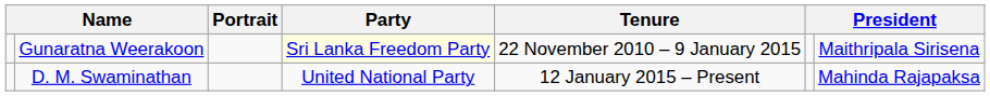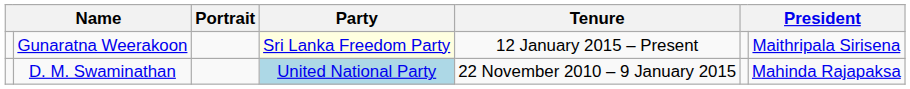 <table class="wikitable" style="margin:1em auto; font-size:90%; text-align:center;">
 <tr>
 <th colspan="2">Name</th>
 <th>Portrait</th>
 <th>Party</th>
 <th>Tenure</th>
 <th colspan="2"><a href='#'>President</a></th>
 </tr>
 <tr>
 <td !align="center" style="background:"></td>
 <td><a href='#'>Gunaratna Weerakoon</a></td>
 <td></td>
 <td style="background: lightyellow;"><a href='#'>Sri Lanka Freedom Party</a></td>
-<td>22 November 2010 – 9 January 2015</td>
+<td>12 January 2015  – Present</td>
 <td !align="center" style="background:"></td>
 <td><a href='#'>Maithripala Sirisena</a></td>
 </tr>
 <tr>
 <td !align="center" style="background:"></td>
 <td><a href='#'>D. M. Swaminathan</a></td>
 <td></td>
-<td><a href='#'>United National Party</a></td>
-<td>12 January 2015  – Present</td>
+<td style="background: lightblue;"><a href='#'>United National Party</a></td>
+<td>22 November 2010 – 9 January 2015</td>
 <td !align="center" style="background:"></td>
 <td><a href='#'>Mahinda Rajapaksa</a></td>
 </tr>
 </table>
